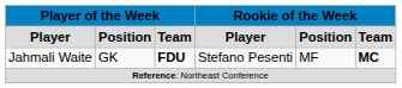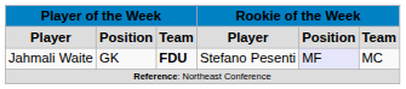 <table class="wikitable">
 <tr>
 <th colspan="3" style="background:#0081C4;"><span>Player of the Week</span></th>
 <th colspan="3" style="background:#0081C4;"><span>Rookie of the Week</span></th>
 </tr>
 <tr>
 <th style="background:#ddd;">Player</th>
 <th style="background:#ddd;">Position</th>
 <th style="background:#ddd;">Team</th>
 <th style="background:#ddd;">Player</th>
 <th style="background:#ddd;">Position</th>
 <th style="background:#ddd;">Team</th>
 </tr>
 <tr>
 <td>Jahmali Waite</td>
 <td>GK</td>
 <td !><strong>FDU</strong></td>
 <td>Stefano Pesenti</td>
-<td>MF</td>
-<td !><strong>MC</strong></td>
+<td style="background: lavender;">MF</td>
+<td !>MC</td>
 </tr>
 <tr>
 <td colspan="12"  style="font-size:8pt; text-align:center; background:#ddd;"><strong>Reference</strong>: Northeast Conference</td>
 </tr>
 </table>
